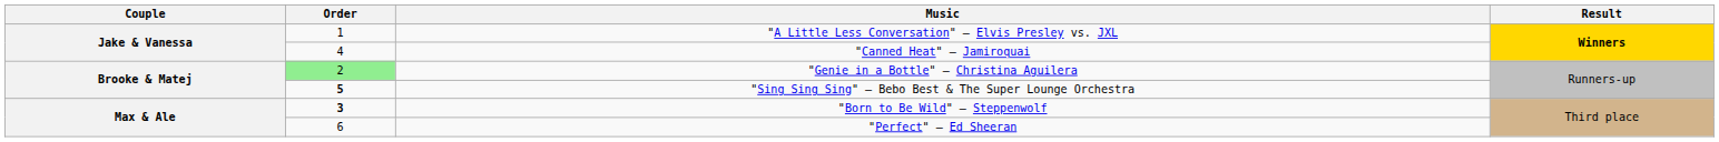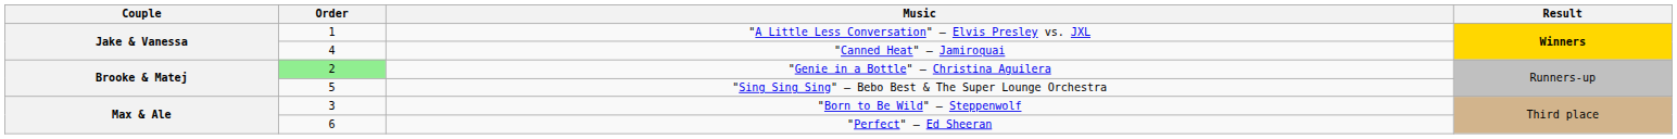 <table class="wikitable sortable" style="text-align:center; font-size:90%; width:90%">
 <tr>
 <th scope="col">Couple</th>
 <th scope="col">Order</th>
 <th scope="col" class="unsortable">Music</th>
 <th scope="col" class="unsortable">Result</th>
 </tr>
 <tr>
 <th scope="row" rowspan="2">Jake & Vanessa</th>
 <td>1</td>
 <td>"<a href='#'>A Little Less Conversation</a>" — <a href='#'>Elvis Presley</a> vs. <a href='#'>JXL</a></td>
 <td rowspan="2" bgcolor="gold"><strong>Winners</strong></td>
 </tr>
 <tr>
 <td>4</td>
 <td>"<a href='#'>Canned Heat</a>" — <a href='#'>Jamiroquai</a></td>
 </tr>
 <tr>
 <th scope="row" rowspan="2">Brooke & Matej</th>
 <td style="background: lightgreen;">2</td>
 <td>"<a href='#'>Genie in a Bottle</a>" — <a href='#'>Christina Aguilera</a></td>
 <td rowspan="2" bgcolor="silver">Runners-up</td>
 </tr>
 <tr>
-<td><strong>5</strong></td>
+<td>5</td>
 <td>"<a href='#'>Sing Sing Sing</a>" — Bebo Best & The Super Lounge Orchestra</td>
 </tr>
 <tr>
 <th scope="row" rowspan="2">Max & Ale</th>
-<td><strong>3</strong></td>
+<td>3</td>
 <td>"<a href='#'>Born to Be Wild</a>" — <a href='#'>Steppenwolf</a></td>
 <td rowspan="2" bgcolor="tan">Third place</td>
 </tr>
 <tr>
 <td>6</td>
 <td>"<a href='#'>Perfect</a>" — <a href='#'>Ed Sheeran</a></td>
 </tr>
 </table>
